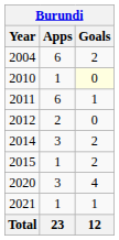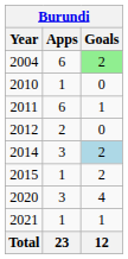 <table class="wikitable" style="text-align:center">
 <tr>
 <th colspan=3><a href='#'>Burundi</a></th>
 </tr>
 <tr>
 <th>Year</th>
 <th>Apps</th>
 <th>Goals</th>
 </tr>
 <tr>
 <td>2004</td>
 <td>6</td>
-<td>2</td>
+<td style="background: lightgreen;">2</td>
 </tr>
 <tr>
 <td>2010</td>
 <td>1</td>
-<td style="background: lightyellow;">0</td>
+<td>0</td>
 </tr>
 <tr>
 <td>2011</td>
 <td>6</td>
 <td>1</td>
 </tr>
 <tr>
 <td>2012</td>
 <td>2</td>
 <td>0</td>
 </tr>
 <tr>
 <td>2014</td>
 <td>3</td>
-<td>2</td>
+<td style="background: lightblue;">2</td>
 </tr>
 <tr>
 <td>2015</td>
 <td>1</td>
 <td>2</td>
 </tr>
 <tr>
 <td>2020</td>
 <td>3</td>
 <td>4</td>
 </tr>
 <tr>
 <td>2021</td>
 <td>1</td>
 <td>1</td>
 </tr>
 <tr>
 <th>Total</th>
 <th>23</th>
 <th>12</th>
 </tr>
 </table>
